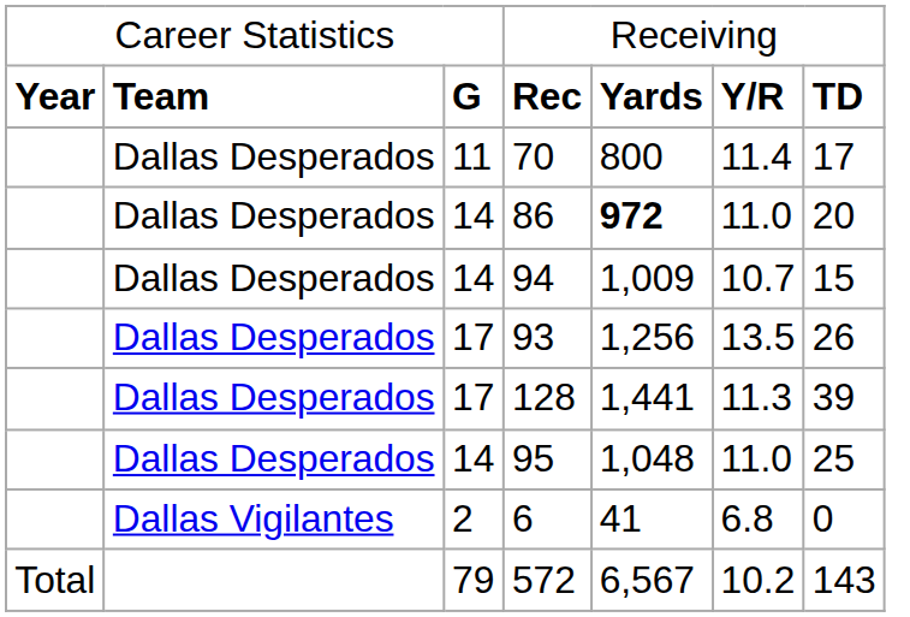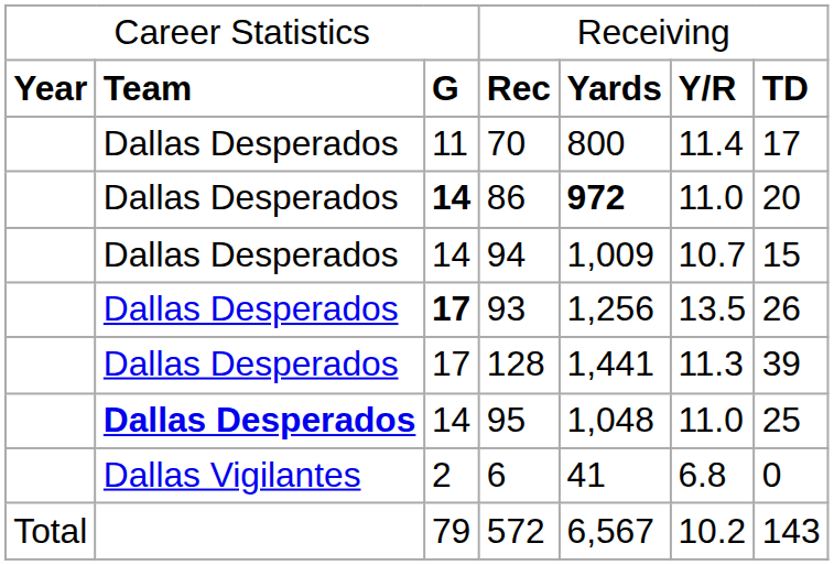 <table class="wikitable" border=0 style="background: #FFFFFF;">
 <tr>
 <td colspan=3 align="center">Career Statistics</td>
 <td colspan=5 align="center">Receiving</td>
 </tr>
 <tr>
 <td><strong>Year</strong></td>
 <td><strong>Team</strong></td>
 <td><strong>G</strong></td>
 <td><strong>Rec</strong></td>
 <td><strong>Yards</strong></td>
 <td><strong>Y/R</strong></td>
 <td><strong>TD</strong></td>
 </tr>
 <tr>
 <td></td>
 <td>Dallas Desperados</td>
 <td>11</td>
 <td>70</td>
 <td>800</td>
 <td>11.4</td>
 <td>17</td>
 </tr>
 <tr>
 <td></td>
 <td>Dallas Desperados</td>
-<td>14</td>
+<td><strong>14</strong></td>
 <td>86</td>
 <td><strong>972</strong></td>
 <td>11.0</td>
 <td>20</td>
 </tr>
 <tr>
 <td></td>
 <td>Dallas Desperados</td>
 <td>14</td>
 <td>94</td>
 <td>1,009</td>
 <td>10.7</td>
 <td>15</td>
 </tr>
 <tr>
 <td></td>
 <td><a href='#'>Dallas Desperados</a></td>
-<td>17</td>
+<td><strong>17</strong></td>
 <td>93</td>
 <td>1,256</td>
 <td>13.5</td>
 <td>26</td>
 </tr>
 <tr>
 <td></td>
 <td><a href='#'>Dallas Desperados</a></td>
 <td>17</td>
 <td>128</td>
 <td>1,441</td>
 <td>11.3</td>
 <td>39</td>
 </tr>
 <tr>
 <td></td>
-<td><a href='#'>Dallas Desperados</a></td>
+<td><strong><a href='#'>Dallas Desperados</a></strong></td>
 <td>14</td>
 <td>95</td>
 <td>1,048</td>
 <td>11.0</td>
 <td>25</td>
 </tr>
 <tr>
 <td></td>
 <td><a href='#'>Dallas Vigilantes</a></td>
 <td>2</td>
 <td>6</td>
 <td>41</td>
 <td>6.8</td>
 <td>0</td>
 </tr>
 <tr>
 <td>Total</td>
 <td></td>
 <td>79</td>
 <td>572</td>
 <td>6,567</td>
 <td>10.2</td>
 <td>143</td>
 </tr>
 </table>
